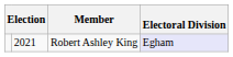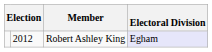 <table class="wikitable">
 <tr>
 <th colspan="2">Election</th>
 <th>Member</th>
 <th><br>Electoral Division</th>
 </tr>
 <tr>
 <td style="background-color: "></td>
-<td>2021</td>
+<td>2012</td>
 <td>Robert Ashley King</td>
 <td style="background: lavender;">Egham</td>
 </tr>
 </table>
